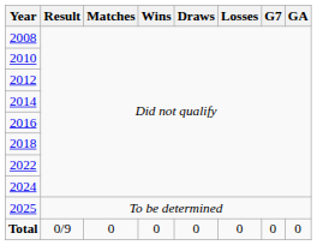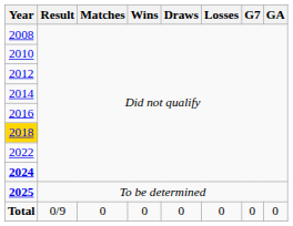 <table class="wikitable" style="text-align: center;">
 <tr>
 <th>Year</th>
 <th>Result</th>
 <th>Matches</th>
 <th>Wins</th>
 <th>Draws</th>
 <th>Losses</th>
 <th>G7</th>
 <th>GA</th>
 </tr>
 <tr>
 <td> <a href='#'>2008</a></td>
 <td colspan=7 rowspan=8><em>Did not qualify</em></td>
 </tr>
 <tr>
 <td> <a href='#'>2010</a></td>
 </tr>
 <tr>
 <td> <a href='#'>2012</a></td>
 </tr>
 <tr>
 <td> <a href='#'>2014</a></td>
 </tr>
 <tr>
 <td> <a href='#'>2016</a></td>
 </tr>
 <tr>
-<td> <a href='#'>2018</a></td>
+<td style="background: gold;"> <a href='#'>2018</a></td>
 </tr>
 <tr>
 <td> <a href='#'>2022</a></td>
 </tr>
 <tr>
-<td> <a href='#'>2024</a></td>
+<td><strong> <a href='#'>2024</a></strong></td>
 </tr>
 <tr>
-<td> <a href='#'>2025</a></td>
+<td><strong> <a href='#'>2025</a></strong></td>
 <td colspan=7><em>To be determined</em></td>
 </tr>
 <tr>
 <td><strong>Total</strong></td>
 <td>0/9</td>
 <td>0</td>
 <td>0</td>
 <td>0</td>
 <td>0</td>
 <td>0</td>
 <td>0</td>
 </tr>
 </table>
